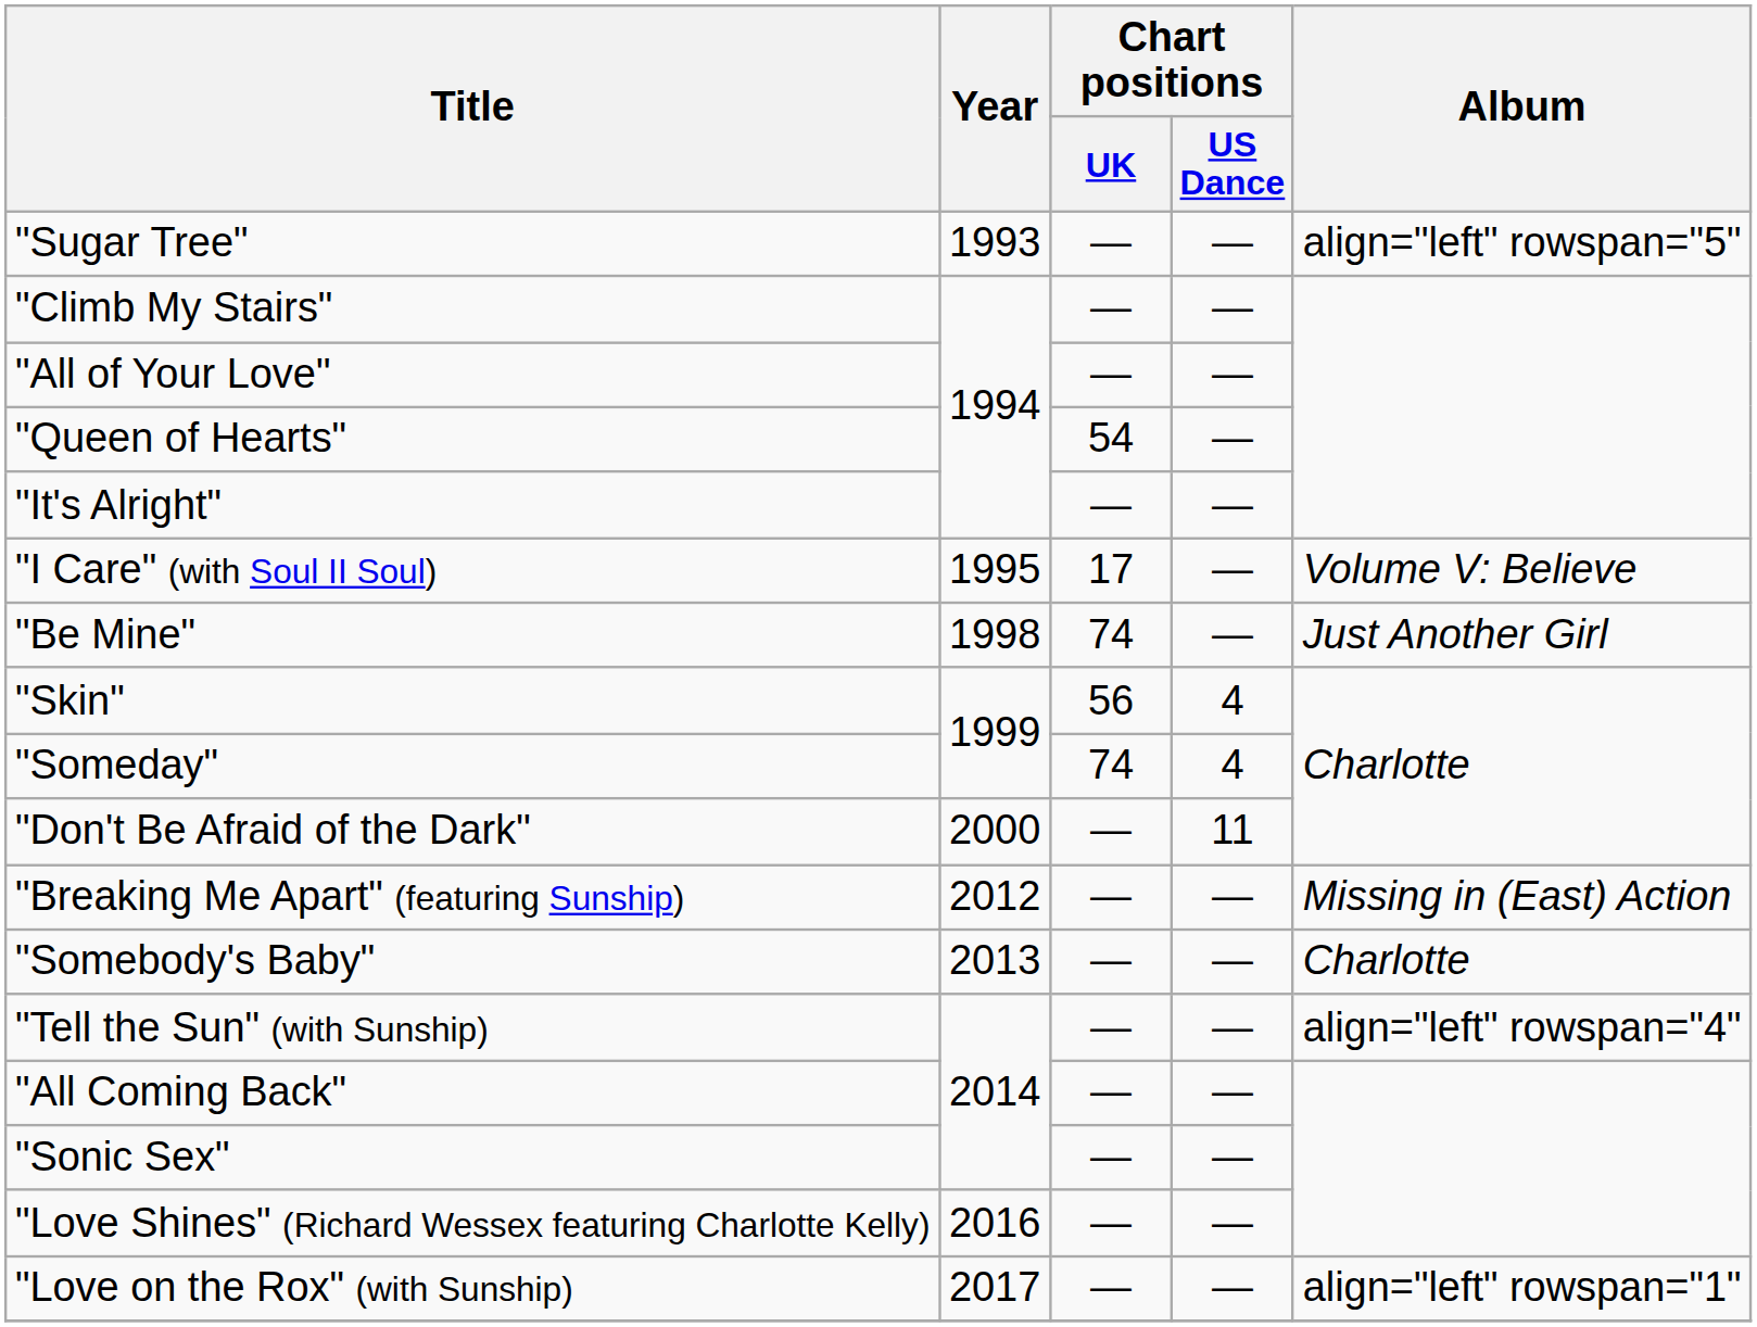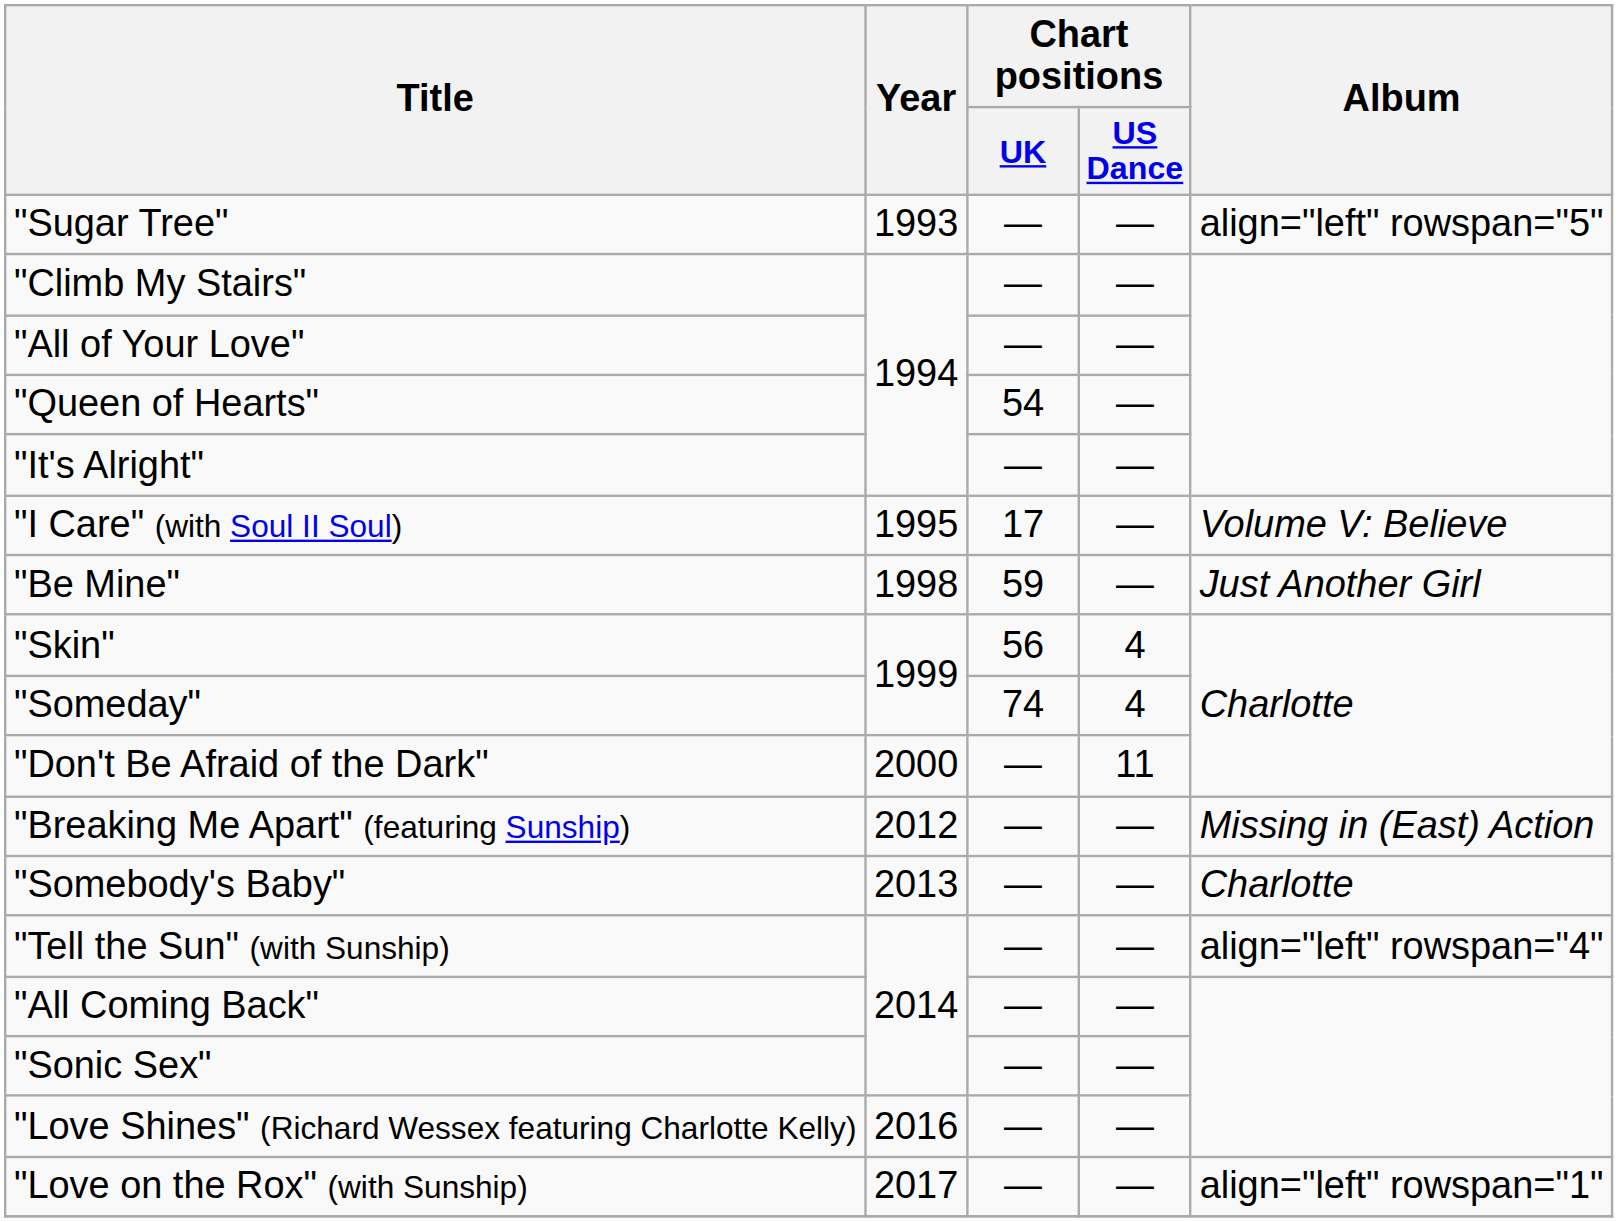 <table class="wikitable">
 <tr>
 <th rowspan="2">Title</th>
 <th scope="col" rowspan="2">Year</th>
 <th scope="col" colspan="2">Chart positions</th>
 <th scope="col" rowspan="2">Album</th>
 </tr>
 <tr>
 <th style="width:3em;font-size:85%"><a href='#'>UK</a><br></th>
 <th style="width:3em;font-size:85%"><a href='#'>US<br>Dance</a><br></th>
 </tr>
 <tr>
 <td>"Sugar Tree"</td>
 <td align="center" valign="center" rowspan="1">1993</td>
 <td align="center">—</td>
 <td align="center">—</td>
 <td>align="left" rowspan="5" </td>
 </tr>
 <tr>
 <td>"Climb My Stairs"</td>
 <td align="center" valign="center" rowspan="4">1994</td>
 <td align="center">—</td>
 <td align="center">—</td>
 </tr>
 <tr>
 <td>"All of Your Love"</td>
 <td align="center">—</td>
 <td align="center">—</td>
 </tr>
 <tr>
 <td>"Queen of Hearts"</td>
 <td align="center">54</td>
 <td align="center">—</td>
 </tr>
 <tr>
 <td>"It's Alright"</td>
 <td align="center">—</td>
 <td align="center">—</td>
 </tr>
 <tr>
 <td>"I Care" <small>(with <a href='#'>Soul II Soul</a>)</small></td>
 <td align="center" valign="center" rowspan="1">1995</td>
 <td align="center">17</td>
 <td align="center">—</td>
 <td align="left" rowspan="1"><em>Volume V: Believe</em></td>
 </tr>
 <tr>
 <td>"Be Mine"</td>
 <td align="center" valign="center" rowspan="1">1998</td>
-<td align="center">74</td>
+<td align="center">59</td>
 <td align="center">—</td>
 <td align="left" rowspan="1"><em>Just Another Girl</em></td>
 </tr>
 <tr>
 <td>"Skin"</td>
 <td align="center" valign="center" rowspan="2">1999</td>
 <td align="center">56</td>
 <td align="center">4</td>
 <td align="left" rowspan="3"><em>Charlotte</em></td>
 </tr>
 <tr>
 <td>"Someday"</td>
 <td align="center">74</td>
 <td align="center">4</td>
 </tr>
 <tr>
 <td>"Don't Be Afraid of the Dark"</td>
 <td align="center" valign="center" rowspan="1">2000</td>
 <td align="center">—</td>
 <td align="center">11</td>
 </tr>
 <tr>
 <td>"Breaking Me Apart" <small>(featuring <a href='#'>Sunship</a>)</small></td>
 <td align="center" valign="center" rowspan="1">2012</td>
 <td align="center">—</td>
 <td align="center">—</td>
 <td align="left" rowspan="1"><em>Missing in (East) Action</em></td>
 </tr>
 <tr>
 <td>"Somebody's Baby"</td>
 <td align="center" valign="center" rowspan="1">2013</td>
 <td align="center">—</td>
 <td align="center">—</td>
 <td align="left" rowspan="1"><em>Charlotte</em></td>
 </tr>
 <tr>
 <td>"Tell the Sun" <small>(with Sunship)</small></td>
 <td align="center" valign="center" rowspan="3">2014</td>
 <td align="center">—</td>
 <td align="center">—</td>
 <td>align="left" rowspan="4" </td>
 </tr>
 <tr>
 <td>"All Coming Back"</td>
 <td align="center">—</td>
 <td align="center">—</td>
 </tr>
 <tr>
 <td>"Sonic Sex"</td>
 <td align="center">—</td>
 <td align="center">—</td>
 </tr>
 <tr>
 <td>"Love Shines" <small>(Richard Wessex featuring Charlotte Kelly)</small></td>
 <td align="center" valign="center" rowspan="1">2016</td>
 <td align="center">—</td>
 <td align="center">—</td>
 </tr>
 <tr>
 <td>"Love on the Rox" <small>(with Sunship)</small></td>
 <td align="center" valign="center" rowspan="1">2017</td>
 <td align="center">—</td>
 <td align="center">—</td>
 <td>align="left" rowspan="1" </td>
 </tr>
 <tr>
 </tr>
 </table>
